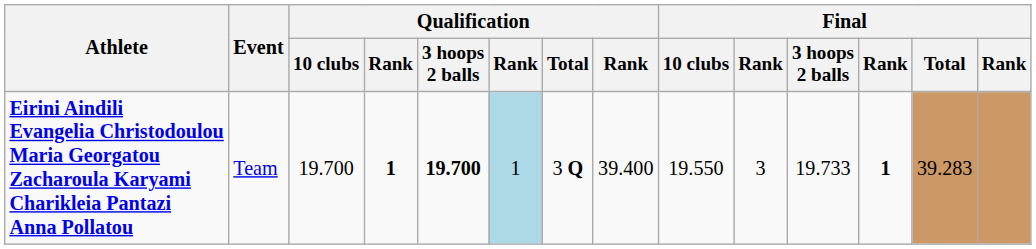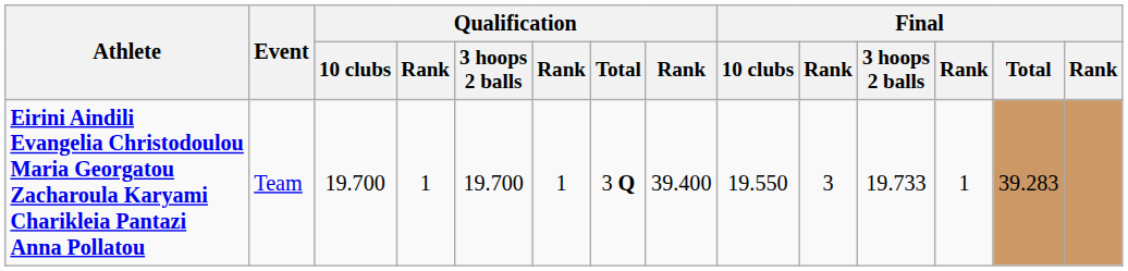 <table class="wikitable" style="font-size:90%">
 <tr>
 <th rowspan="2">Athlete</th>
 <th rowspan="2">Event</th>
 <th colspan="6">Qualification</th>
 <th colspan="6">Final</th>
 </tr>
 <tr style="font-size:95%">
 <th>10 clubs</th>
 <th>Rank</th>
 <th>3 hoops <br>2 balls</th>
 <th>Rank</th>
 <th>Total</th>
 <th>Rank</th>
 <th>10 clubs</th>
 <th>Rank</th>
 <th>3 hoops <br>2 balls</th>
 <th>Rank</th>
 <th>Total</th>
 <th>Rank</th>
 </tr>
 <tr align=center>
 <td align=left><strong><a href='#'>Eirini Aindili</a><br><a href='#'>Evangelia Christodoulou</a><br><a href='#'>Maria Georgatou</a><br><a href='#'>Zacharoula Karyami</a><br><a href='#'>Charikleia Pantazi</a><br><a href='#'>Anna Pollatou</a></strong></td>
 <td align=left><a href='#'>Team</a></td>
 <td>19.700</td>
-<td><strong>1</strong></td>
-<td><strong>19.700</strong></td>
-<td style="background: lightblue;">1</td>
+<td>1</td>
+<td>19.700</td>
+<td>1</td>
 <td>3 <strong>Q</strong></td>
 <td>39.400</td>
 <td>19.550</td>
 <td>3</td>
 <td>19.733</td>
-<td><strong>1</strong></td>
+<td>1</td>
 <td align="center" bgcolor='cc9966'>39.283</td>
 <td align="center" bgcolor='cc9966'></td>
 </tr>
 </table>
